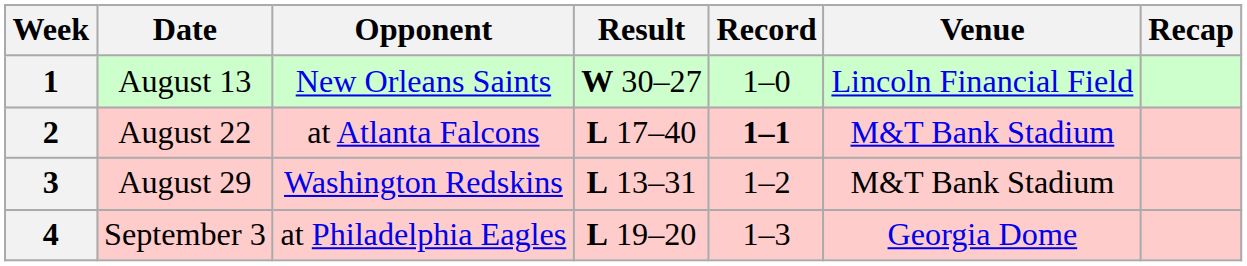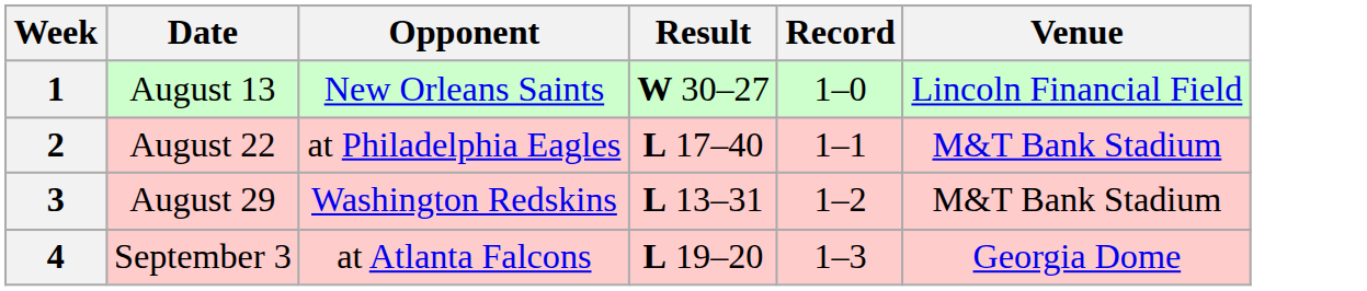 <table class="wikitable" style="text-align:center">
 <tr>
 <th>Week</th>
 <th>Date</th>
 <th>Opponent</th>
 <th>Result</th>
 <th>Record</th>
 <th>Venue</th>
-<th>Recap</th>
 </tr>
 <tr style="background:#cfc">
 <th>1</th>
 <td>August 13</td>
 <td><a href='#'>New Orleans Saints</a></td>
 <td><strong>W</strong> 30–27</td>
 <td>1–0</td>
 <td><a href='#'>Lincoln Financial Field</a></td>
-<td></td>
 </tr>
 <tr style="background:#fcc">
 <th>2</th>
 <td>August 22</td>
-<td>at <a href='#'>Atlanta Falcons</a></td>
+<td>at <a href='#'>Philadelphia Eagles</a></td>
 <td><strong>L</strong> 17–40</td>
-<td><strong>1–1</strong></td>
+<td>1–1</td>
 <td><a href='#'>M&T Bank Stadium</a></td>
-<td></td>
 </tr>
 <tr style="background:#fcc">
 <th>3</th>
 <td>August 29</td>
 <td><a href='#'>Washington Redskins</a></td>
 <td><strong>L</strong> 13–31</td>
 <td>1–2</td>
 <td>M&T Bank Stadium</td>
-<td></td>
 </tr>
 <tr style="background:#fcc">
 <th>4</th>
 <td>September 3</td>
-<td>at <a href='#'>Philadelphia Eagles</a></td>
+<td>at <a href='#'>Atlanta Falcons</a></td>
 <td><strong>L</strong> 19–20</td>
 <td>1–3</td>
 <td><a href='#'>Georgia Dome</a></td>
-<td></td>
 </tr>
 </table>
